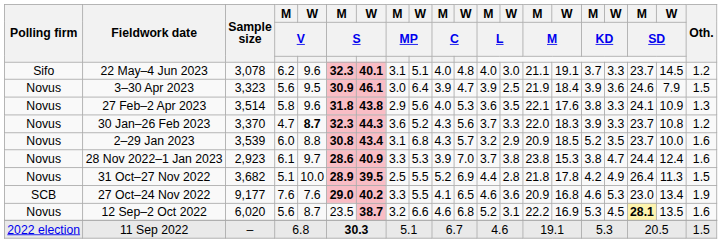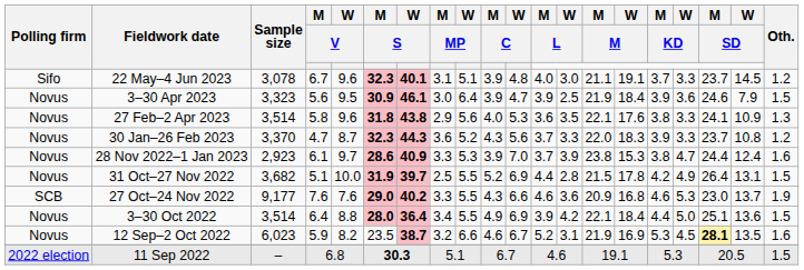 <table class="wikitable sortable" style="text-align:center;font-size:90%;line-height:14px;">
 <tr>
 <th rowspan="3">Polling firm</th>
 <th rowspan="3">Fieldwork date</th>
 <th rowspan="3">Sample<br>size</th>
 <th>M</th>
 <th>W</th>
 <th>M</th>
 <th>W</th>
 <th>M</th>
 <th>W</th>
 <th>M</th>
 <th>W</th>
 <th>M</th>
 <th>W</th>
 <th>M</th>
 <th>W</th>
 <th>M</th>
 <th>W</th>
 <th>M</th>
 <th>W</th>
 <th rowspan="3">Oth.</th>
 </tr>
 <tr style="height:40px;">
 <th colspan="2" class="sortable" style="width:40px;"><a href='#'>V</a></th>
 <th colspan="2" class="sortable" style="width:40px;"><a href='#'>S</a></th>
 <th colspan="2" class="sortable" style="width:40px;"><a href='#'>MP</a></th>
 <th colspan="2" class="sortable" style="width:40px;"><a href='#'>C</a></th>
 <th colspan="2" class="sortable" style="width:40px;"><a href='#'>L</a></th>
 <th colspan="2" class="sortable" style="width:40px;"><a href='#'>M</a></th>
 <th colspan="2" class="sortable" style="width:40px;"><a href='#'>KD</a></th>
 <th colspan="2" class="sortable" style="width:40px;"><a href='#'>SD</a></th>
 </tr>
 <tr>
 <th style="background:"></th>
 <th style="background:"></th>
 <th style="background:"></th>
 <th style="background:"></th>
 <th style="background:"></th>
 <th style="background:"></th>
 <th style="background:"></th>
 <th style="background:"></th>
 </tr>
 <tr>
 <td>Sifo</td>
 <td>22 May–4 Jun 2023</td>
 <td>3,078</td>
-<td>6.2</td>
+<td>6.7</td>
 <td>9.6</td>
 <td style="background:#F9BDC5;"><strong>32.3</strong></td>
 <td style="background:#F9BDC5;"><strong>40.1</strong></td>
 <td>3.1</td>
 <td>5.1</td>
-<td>4.0</td>
+<td>3.9</td>
 <td>4.8</td>
 <td>4.0</td>
 <td>3.0</td>
 <td>21.1</td>
 <td>19.1</td>
 <td>3.7</td>
 <td>3.3</td>
 <td>23.7</td>
 <td>14.5</td>
 <td>1.2</td>
 </tr>
 <tr>
 <td>Novus</td>
 <td>3–30 Apr 2023</td>
 <td>3,323</td>
 <td>5.6</td>
 <td>9.5</td>
 <td style="background:#F9BDC5;"><strong>30.9</strong></td>
 <td style="background:#F9BDC5;"><strong>46.1</strong></td>
 <td>3.0</td>
 <td>6.4</td>
 <td>3.9</td>
 <td>4.7</td>
 <td>3.9</td>
 <td>2.5</td>
 <td>21.9</td>
 <td>18.4</td>
 <td>3.9</td>
 <td>3.6</td>
 <td>24.6</td>
 <td>7.9</td>
 <td>1.5</td>
 </tr>
 <tr>
 <td>Novus</td>
 <td>27 Feb–2 Apr 2023</td>
 <td>3,514</td>
 <td>5.8</td>
 <td>9.6</td>
 <td style="background:#F9BDC5;"><strong>31.8</strong></td>
 <td style="background:#F9BDC5;"><strong>43.8</strong></td>
 <td>2.9</td>
 <td>5.6</td>
 <td>4.0</td>
 <td>5.3</td>
 <td>3.6</td>
 <td>3.5</td>
 <td>22.1</td>
 <td>17.6</td>
 <td>3.8</td>
 <td>3.3</td>
 <td>24.1</td>
 <td>10.9</td>
 <td>1.3</td>
 </tr>
 <tr>
 <td>Novus</td>
 <td>30 Jan–26 Feb 2023</td>
 <td>3,370</td>
 <td>4.7</td>
-<td><strong>8.7</strong></td>
+<td>8.7</td>
 <td style="background:#F9BDC5;"><strong>32.3</strong></td>
 <td style="background:#F9BDC5;"><strong>44.3</strong></td>
 <td>3.6</td>
 <td>5.2</td>
 <td>4.3</td>
 <td>5.6</td>
 <td>3.7</td>
 <td>3.3</td>
 <td>22.0</td>
 <td>18.3</td>
 <td>3.9</td>
 <td>3.3</td>
 <td>23.7</td>
 <td>10.8</td>
 <td>1.2</td>
 </tr>
 <tr>
 <td>Novus</td>
-<td>2–29 Jan 2023</td>
-<td>3,539</td>
-<td>6.0</td>
-<td>8.8</td>
-<td style="background:#F9BDC5;"><strong>30.8</strong></td>
-<td style="background:#F9BDC5;"><strong>43.4</strong></td>
-<td>3.1</td>
-<td>6.8</td>
-<td>4.3</td>
-<td>5.7</td>
-<td>3.2</td>
-<td>2.9</td>
-<td>20.9</td>
-<td>18.5</td>
-<td>5.2</td>
-<td>3.5</td>
-<td>23.7</td>
-<td>10.0</td>
-<td>1.6</td>
-</tr>
-<tr>
-<td>Novus</td>
 <td>28 Nov 2022–1 Jan 2023</td>
 <td>2,923</td>
 <td>6.1</td>
 <td>9.7</td>
 <td style="background:#F9BDC5;"><strong>28.6</strong></td>
 <td style="background:#F9BDC5;"><strong>40.9</strong></td>
 <td>3.3</td>
 <td>5.3</td>
 <td>3.9</td>
 <td>7.0</td>
 <td>3.7</td>
-<td>3.8</td>
+<td>3.9</td>
 <td>23.8</td>
 <td>15.3</td>
 <td>3.8</td>
 <td>4.7</td>
 <td>24.4</td>
 <td>12.4</td>
 <td>1.6</td>
 </tr>
 <tr>
 <td>Novus</td>
 <td>31 Oct–27 Nov 2022</td>
 <td>3,682</td>
 <td>5.1</td>
 <td>10.0</td>
-<td style="background:#F9BDC5;"><strong>28.9</strong></td>
-<td style="background:#F9BDC5;"><strong>39.5</strong></td>
+<td style="background:#F9BDC5;"><strong>31.9</strong></td>
+<td style="background:#F9BDC5;"><strong>39.7</strong></td>
 <td>2.5</td>
 <td>5.5</td>
 <td>5.2</td>
 <td>6.9</td>
 <td>4.4</td>
 <td>2.8</td>
-<td>21.8</td>
+<td>21.5</td>
 <td>17.8</td>
 <td>4.2</td>
 <td>4.9</td>
 <td>26.4</td>
-<td>11.3</td>
+<td>13.1</td>
 <td>1.5</td>
 </tr>
 <tr>
 <td>SCB</td>
 <td>27 Oct–24 Nov 2022</td>
 <td>9,177</td>
 <td>7.6</td>
 <td>7.6</td>
 <td style="background:#F9BDC5;"><strong>29.0</strong></td>
 <td style="background:#F9BDC5;"><strong>40.2</strong></td>
 <td>3.3</td>
 <td>5.5</td>
-<td>4.1</td>
-<td>6.5</td>
+<td>4.3</td>
+<td>6.6</td>
 <td>4.6</td>
 <td>3.6</td>
 <td>20.9</td>
 <td>16.8</td>
 <td>4.6</td>
 <td>5.3</td>
 <td>23.0</td>
-<td>13.4</td>
+<td>13.7</td>
 <td>1.9</td>
 </tr>
 <tr>
 <td>Novus</td>
+<td>3–30 Oct 2022</td>
+<td>3,514</td>
+<td>6.4</td>
+<td>8.8</td>
+<td style="background:#F9BDC5;"><strong>28.0</strong></td>
+<td style="background:#F9BDC5;"><strong>36.4</strong></td>
+<td>3.4</td>
+<td>5.5</td>
+<td>4.9</td>
+<td>6.9</td>
+<td>3.9</td>
+<td>4.2</td>
+<td>22.1</td>
+<td>18.4</td>
+<td>4.4</td>
+<td>5.0</td>
+<td>25.1</td>
+<td>13.6</td>
+<td>1.5</td>
+</tr>
+<tr>
+<td>Novus</td>
 <td>12 Sep–2 Oct 2022</td>
-<td>6,020</td>
-<td>5.6</td>
-<td>8.7</td>
+<td>6,023</td>
+<td>5.9</td>
+<td>8.2</td>
 <td>23.5</td>
 <td style="background:#F9BDC5;"><strong>38.7</strong></td>
 <td>3.2</td>
 <td>6.6</td>
 <td>4.6</td>
-<td>6.8</td>
+<td>6.7</td>
 <td>5.2</td>
 <td>3.1</td>
-<td>22.2</td>
+<td>21.9</td>
 <td>16.9</td>
 <td>5.3</td>
 <td>4.5</td>
 <td style="background:#FEF4AE;"><strong>28.1</strong></td>
 <td>13.5</td>
 <td>1.6</td>
 </tr>
 <tr>
 </tr>
 <tr style="background:#E9E9E9;">
 <td><a href='#'>2022 election</a></td>
 <td data-sort-value="2018-09-09">11 Sep 2022</td>
 <td>–</td>
 <td colspan="2">6.8</td>
 <td colspan="2"><strong>30.3</strong></td>
 <td colspan="2">5.1</td>
 <td colspan="2">6.7</td>
 <td colspan="2">4.6</td>
 <td colspan="2">19.1</td>
 <td colspan="2">5.3</td>
 <td colspan="2">20.5</td>
 <td>1.5</td>
 </tr>
 </table>
